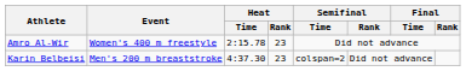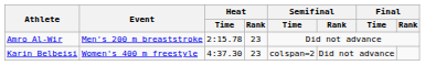 <table class=wikitable style="font-size:90%">
 <tr>
 <th rowspan="2">Athlete</th>
 <th rowspan="2">Event</th>
 <th colspan="2">Heat</th>
 <th colspan="2">Semifinal</th>
 <th colspan="2">Final</th>
 </tr>
 <tr style="font-size:95%">
 <th>Time</th>
 <th>Rank</th>
 <th>Time</th>
 <th>Rank</th>
 <th>Time</th>
 <th>Rank</th>
 </tr>
 <tr align=center>
 <td align=left><a href='#'>Amro Al-Wir</a></td>
-<td align=left><a href='#'>Women's 400 m freestyle</a></td>
+<td align=left><a href='#'>Men's 200 m breaststroke</a></td>
 <td>2:15.78</td>
 <td>23</td>
 <td colspan=4>Did not advance</td>
 </tr>
 <tr align=center>
 <td align=left><a href='#'>Karin Belbeisi</a></td>
-<td align=left><a href='#'>Men's 200 m breaststroke</a></td>
+<td align=left><a href='#'>Women's 400 m freestyle</a></td>
 <td>4:37.30</td>
 <td>23</td>
 <td>colspan=2 </td>
 <td colspan=2>Did not advance</td>
 </tr>
 </table>
